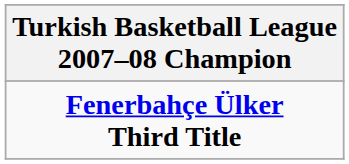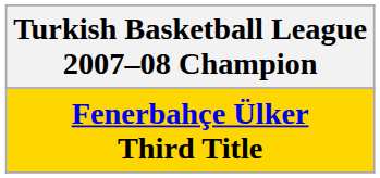 <table class=wikitable style="text-align:center; margin:auto">
 <tr>
 <th>Turkish Basketball League <br> 2007–08 Champion</th>
 </tr>
 <tr>
-<td><strong><a href='#'>Fenerbahçe Ülker</a></strong> <br> <strong>Third Title</strong></td>
+<td style="background: gold;"><strong><a href='#'>Fenerbahçe Ülker</a></strong> <br> <strong>Third Title</strong></td>
 </tr>
 </table>
